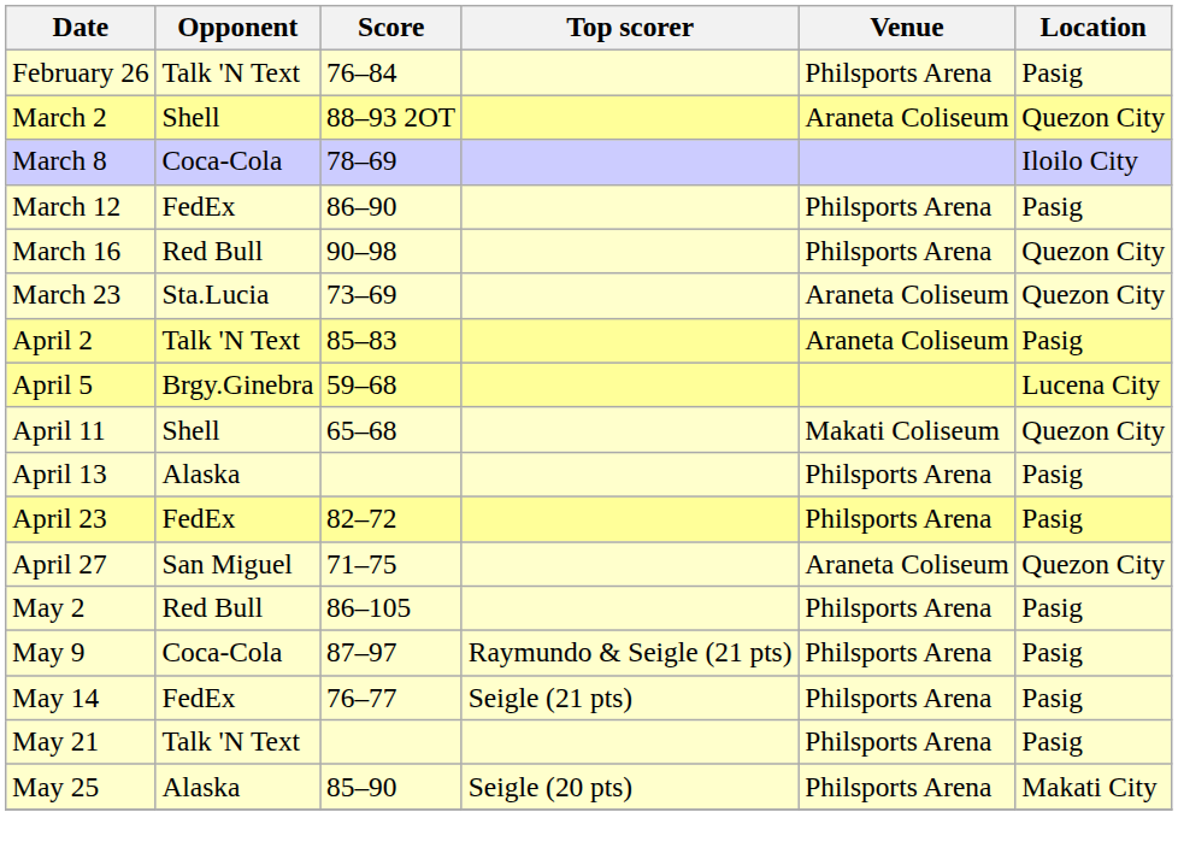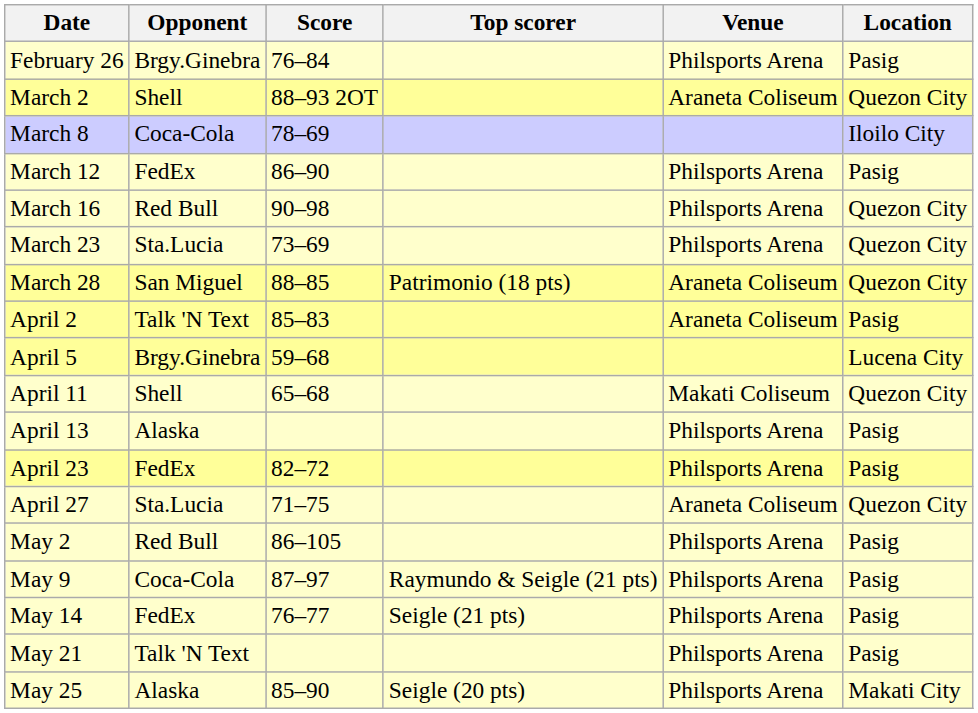 <table class="wikitable sortable sortable">
 <tr>
 <th>Date</th>
 <th>Opponent</th>
 <th>Score</th>
 <th>Top scorer</th>
 <th>Venue</th>
 <th>Location</th>
 </tr>
 <tr bgcolor=#FFFFCC>
 <td>February 26</td>
-<td>Talk 'N Text</td>
+<td>Brgy.Ginebra</td>
 <td>76–84</td>
 <td></td>
 <td>Philsports Arena</td>
 <td>Pasig</td>
 </tr>
 <tr bgcolor=#FFFF99>
 <td>March 2</td>
 <td>Shell</td>
 <td>88–93 2OT</td>
 <td></td>
 <td>Araneta Coliseum</td>
 <td>Quezon City</td>
 </tr>
 <tr bgcolor=#ccccff>
 <td>March 8</td>
 <td>Coca-Cola</td>
 <td>78–69</td>
 <td></td>
 <td></td>
 <td>Iloilo City</td>
 </tr>
 <tr bgcolor=#FFFFCC>
 <td>March 12</td>
 <td>FedEx</td>
 <td>86–90</td>
 <td></td>
 <td>Philsports Arena</td>
 <td>Pasig</td>
 </tr>
 <tr bgcolor=#FFFFCC>
 <td>March 16</td>
 <td>Red Bull</td>
 <td>90–98</td>
 <td></td>
 <td>Philsports Arena</td>
 <td>Quezon City</td>
 </tr>
 <tr bgcolor=#FFFFCC>
 <td>March 23</td>
 <td>Sta.Lucia</td>
 <td>73–69</td>
 <td></td>
+<td>Philsports Arena</td>
+<td>Quezon City</td>
+</tr>
+<tr bgcolor=#FFFF99>
+<td>March 28</td>
+<td>San Miguel</td>
+<td>88–85</td>
+<td>Patrimonio (18 pts)</td>
 <td>Araneta Coliseum</td>
 <td>Quezon City</td>
 </tr>
 <tr bgcolor=#FFFF99>
 <td>April 2</td>
 <td>Talk 'N Text</td>
 <td>85–83</td>
 <td></td>
 <td>Araneta Coliseum</td>
 <td>Pasig</td>
 </tr>
 <tr bgcolor=#FFFF99>
 <td>April 5</td>
 <td>Brgy.Ginebra</td>
 <td>59–68</td>
 <td></td>
 <td></td>
 <td>Lucena City</td>
 </tr>
 <tr bgcolor=#FFFFCC>
 <td>April 11</td>
 <td>Shell</td>
 <td>65–68</td>
 <td></td>
 <td>Makati Coliseum</td>
 <td>Quezon City</td>
 </tr>
 <tr bgcolor=#FFFFCC>
 <td>April 13</td>
 <td>Alaska</td>
 <td></td>
 <td></td>
 <td>Philsports Arena</td>
 <td>Pasig</td>
 </tr>
 <tr bgcolor=#FFFF99>
 <td>April 23</td>
 <td>FedEx</td>
 <td>82–72</td>
 <td></td>
 <td>Philsports Arena</td>
 <td>Pasig</td>
 </tr>
 <tr bgcolor=#FFFFCC>
 <td>April 27</td>
-<td>San Miguel</td>
+<td>Sta.Lucia</td>
 <td>71–75</td>
 <td></td>
 <td>Araneta Coliseum</td>
 <td>Quezon City</td>
 </tr>
 <tr bgcolor=#FFFFCC>
 <td>May 2</td>
 <td>Red Bull</td>
 <td>86–105</td>
 <td></td>
 <td>Philsports Arena</td>
 <td>Pasig</td>
 </tr>
 <tr bgcolor=#FFFFCC>
 <td>May 9</td>
 <td>Coca-Cola</td>
 <td>87–97</td>
 <td>Raymundo & Seigle (21 pts)</td>
 <td>Philsports Arena</td>
 <td>Pasig</td>
 </tr>
 <tr bgcolor=#FFFFCC>
 <td>May 14</td>
 <td>FedEx</td>
 <td>76–77</td>
 <td>Seigle (21 pts)</td>
 <td>Philsports Arena</td>
 <td>Pasig</td>
 </tr>
 <tr bgcolor=#FFFFCC>
 <td>May 21</td>
 <td>Talk 'N Text</td>
 <td></td>
 <td></td>
 <td>Philsports Arena</td>
 <td>Pasig</td>
 </tr>
 <tr bgcolor=#FFFFCC>
 <td>May 25</td>
 <td>Alaska</td>
 <td>85–90</td>
 <td>Seigle (20 pts)</td>
 <td>Philsports Arena</td>
 <td>Makati City</td>
 </tr>
 <tr>
 </tr>
 </table>
